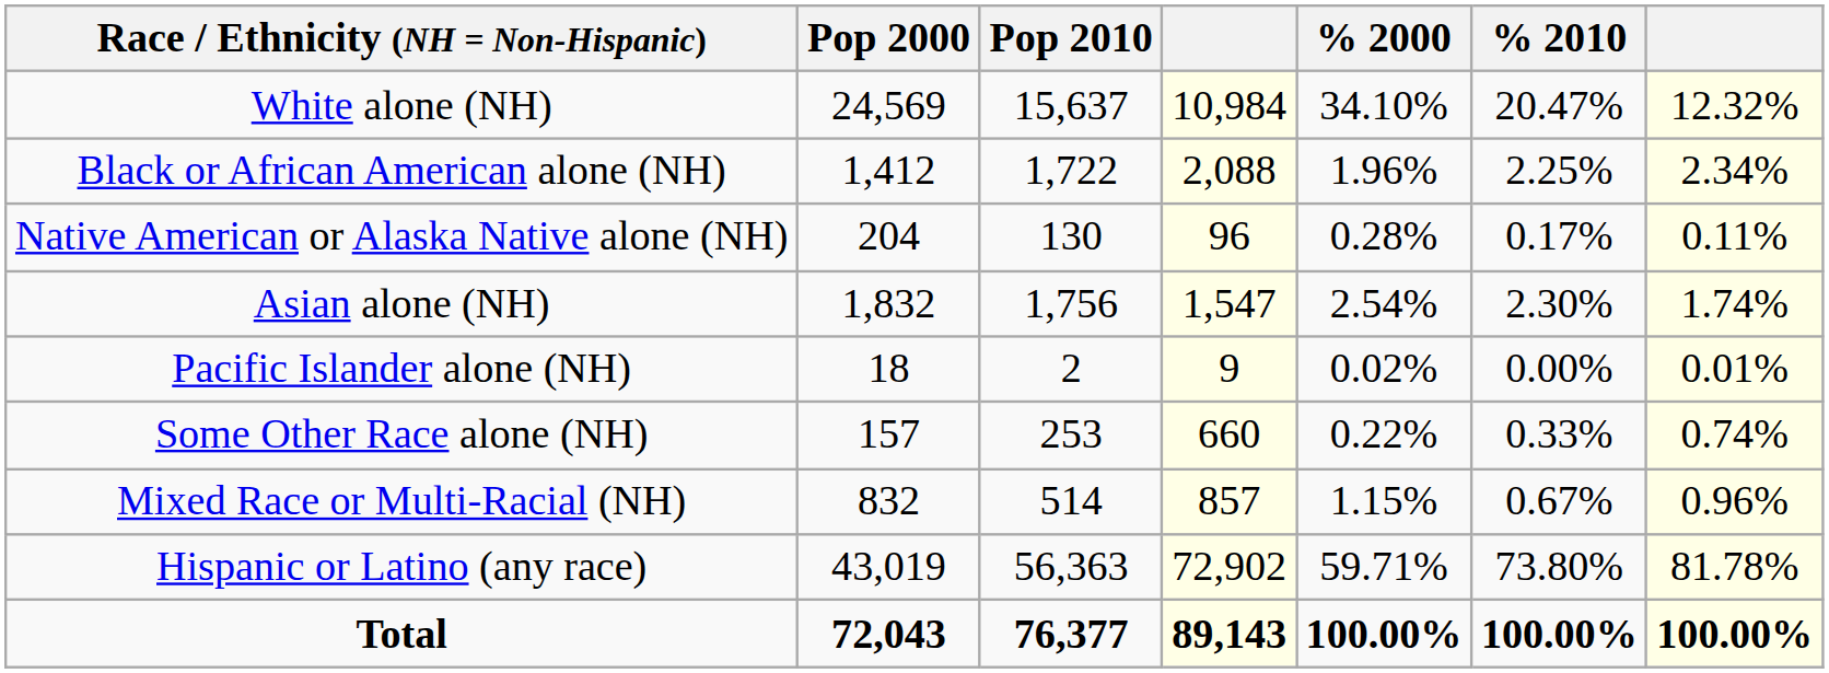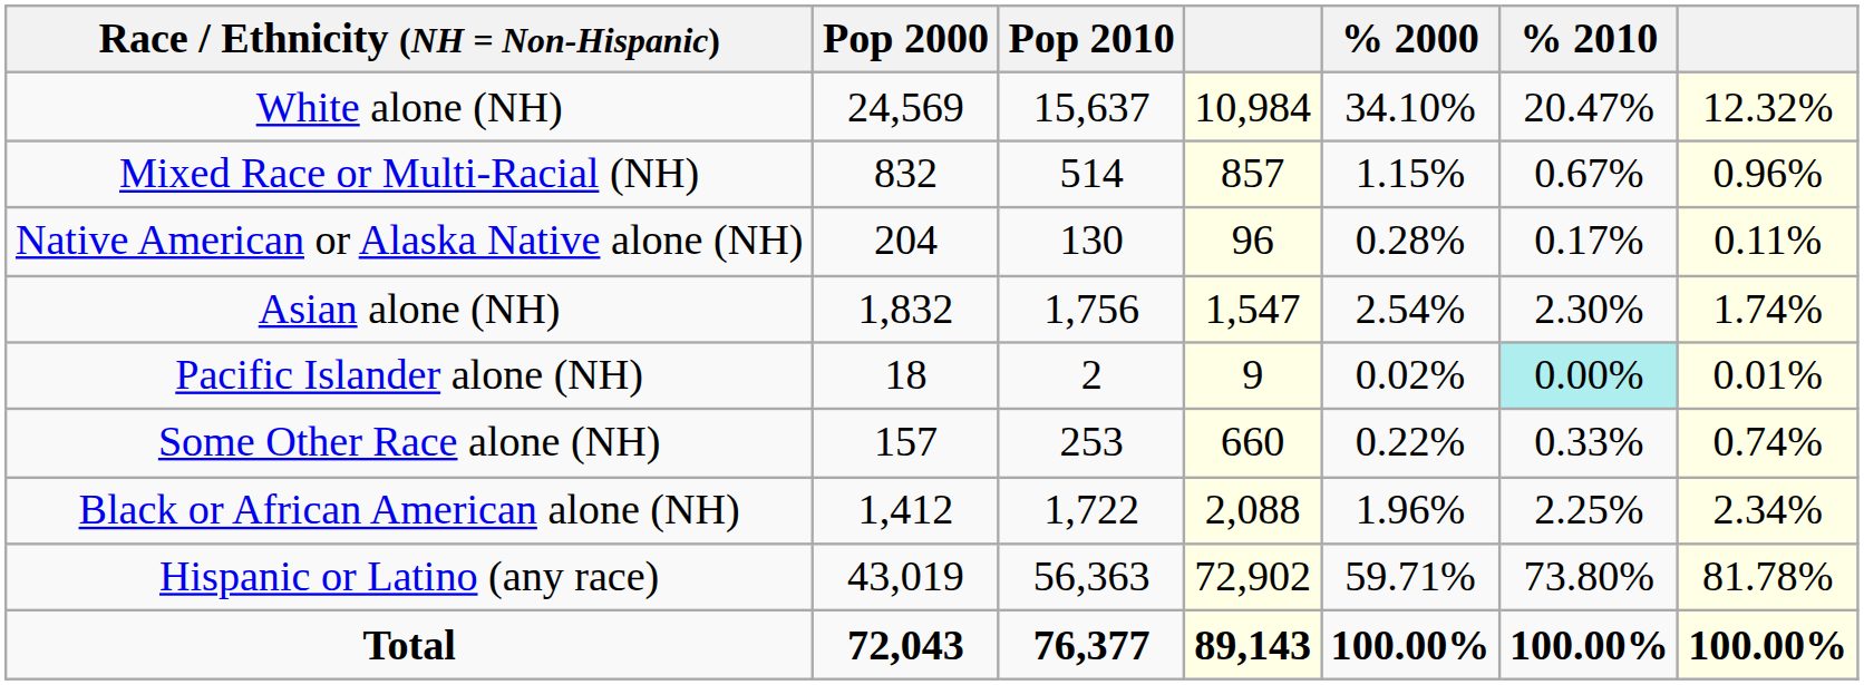 <table class="wikitable" style="text-align:center;">
 <tr>
 <th>Race / Ethnicity <small>(<em>NH = Non-Hispanic</em>)</small></th>
 <th>Pop 2000</th>
 <th>Pop 2010</th>
 <th></th>
 <th>% 2000</th>
 <th>% 2010</th>
 <th></th>
 </tr>
 <tr>
 <td><a href='#'>White</a> alone (NH)</td>
 <td>24,569</td>
 <td>15,637</td>
 <td style='background: #ffffe6;'>10,984</td>
 <td>34.10%</td>
 <td>20.47%</td>
 <td style='background: #ffffe6;'>12.32%</td>
 </tr>
 <tr>
-<td><a href='#'>Black or African American</a> alone (NH)</td>
-<td>1,412</td>
-<td>1,722</td>
-<td style='background: #ffffe6;'>2,088</td>
-<td>1.96%</td>
-<td>2.25%</td>
-<td style='background: #ffffe6;'>2.34%</td>
+<td><a href='#'>Mixed Race or Multi-Racial</a> (NH)</td>
+<td>832</td>
+<td>514</td>
+<td style='background: #ffffe6;'>857</td>
+<td>1.15%</td>
+<td>0.67%</td>
+<td style='background: #ffffe6;'>0.96%</td>
 </tr>
 <tr>
 <td><a href='#'>Native American</a> or <a href='#'>Alaska Native</a> alone (NH)</td>
 <td>204</td>
 <td>130</td>
 <td style='background: #ffffe6;'>96</td>
 <td>0.28%</td>
 <td>0.17%</td>
 <td style='background: #ffffe6;'>0.11%</td>
 </tr>
 <tr>
 <td><a href='#'>Asian</a> alone (NH)</td>
 <td>1,832</td>
 <td>1,756</td>
 <td style='background: #ffffe6;'>1,547</td>
 <td>2.54%</td>
 <td>2.30%</td>
 <td style='background: #ffffe6;'>1.74%</td>
 </tr>
 <tr>
 <td><a href='#'>Pacific Islander</a> alone (NH)</td>
 <td>18</td>
 <td>2</td>
 <td style='background: #ffffe6;'>9</td>
 <td>0.02%</td>
-<td>0.00%</td>
+<td style="background: paleturquoise;">0.00%</td>
 <td style='background: #ffffe6;'>0.01%</td>
 </tr>
 <tr>
 <td><a href='#'>Some Other Race</a> alone (NH)</td>
 <td>157</td>
 <td>253</td>
 <td style='background: #ffffe6;'>660</td>
 <td>0.22%</td>
 <td>0.33%</td>
 <td style='background: #ffffe6;'>0.74%</td>
 </tr>
 <tr>
-<td><a href='#'>Mixed Race or Multi-Racial</a> (NH)</td>
-<td>832</td>
-<td>514</td>
-<td style='background: #ffffe6;'>857</td>
-<td>1.15%</td>
-<td>0.67%</td>
-<td style='background: #ffffe6;'>0.96%</td>
+<td><a href='#'>Black or African American</a> alone (NH)</td>
+<td>1,412</td>
+<td>1,722</td>
+<td style='background: #ffffe6;'>2,088</td>
+<td>1.96%</td>
+<td>2.25%</td>
+<td style='background: #ffffe6;'>2.34%</td>
 </tr>
 <tr>
 <td><a href='#'>Hispanic or Latino</a> (any race)</td>
 <td>43,019</td>
 <td>56,363</td>
 <td style='background: #ffffe6;'>72,902</td>
 <td>59.71%</td>
 <td>73.80%</td>
 <td style='background: #ffffe6;'>81.78%</td>
 </tr>
 <tr>
 <td><strong>Total</strong></td>
 <td><strong>72,043</strong></td>
 <td><strong>76,377</strong></td>
 <td style='background: #ffffe6;'><strong>89,143</strong></td>
 <td><strong>100.00%</strong></td>
 <td><strong>100.00%</strong></td>
 <td style='background: #ffffe6;'><strong>100.00%</strong></td>
 </tr>
 </table>
